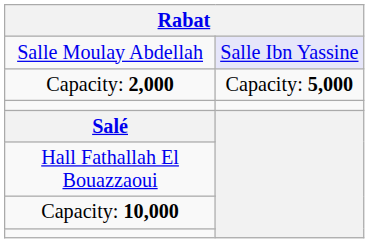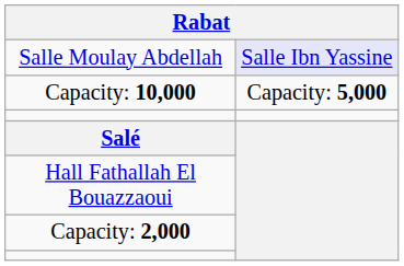 <table class="wikitable" style="text-align:center">
 <tr>
 <th colspan=2><a href='#'>Rabat</a></th>
 </tr>
 <tr>
 <td><a href='#'>Salle Moulay Abdellah</a></td>
 <td style="background: lavender;"><a href='#'>Salle Ibn Yassine</a></td>
 </tr>
 <tr>
-<td>Capacity: <strong>2,000</strong></td>
+<td>Capacity: <strong>10,000</strong></td>
 <td>Capacity: <strong>5,000</strong></td>
 </tr>
 <tr>
 <td></td>
 <td></td>
 </tr>
 <tr>
 <th width=160><a href='#'>Salé</a></th>
 <th rowspan=8><br></th>
 </tr>
 <tr>
 <td><a href='#'>Hall Fathallah El Bouazzaoui</a></td>
 </tr>
 <tr>
-<td>Capacity: <strong>10,000</strong></td>
+<td>Capacity: <strong>2,000</strong></td>
 </tr>
 <tr>
 <td></td>
 </tr>
 </table>
